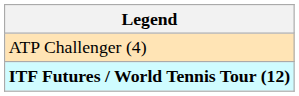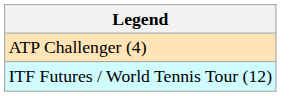 <table class=wikitable style=font-size:97%>
 <tr>
 <th>Legend</th>
 </tr>
 <tr bgcolor=moccasin>
 <td>ATP Challenger (4)</td>
 </tr>
 <tr bgcolor=cffcff>
-<td><strong>ITF Futures / World Tennis Tour (12)</strong></td>
+<td>ITF Futures / World Tennis Tour (12)</td>
 </tr>
 </table>
